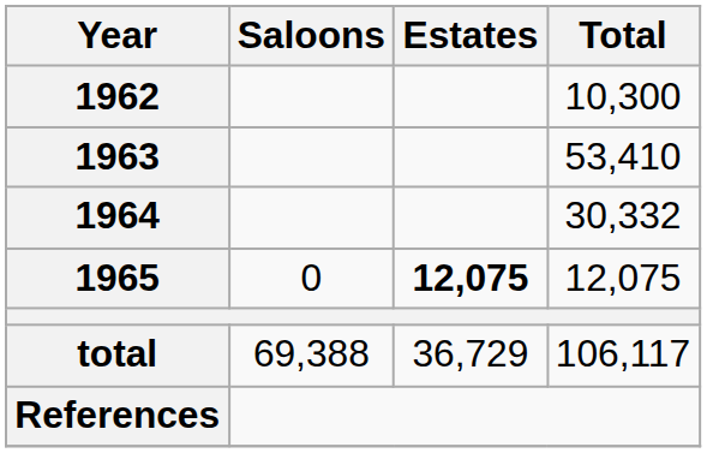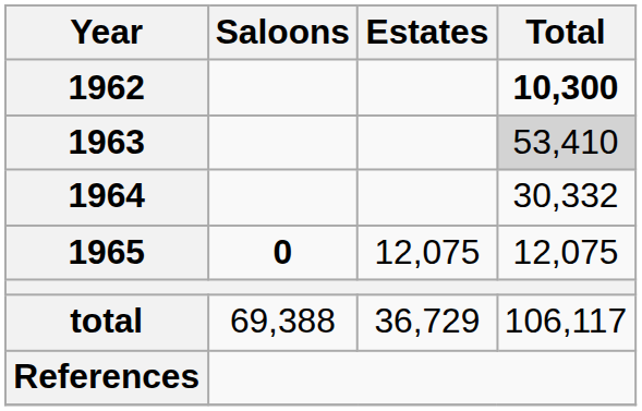 <table class="wikitable" style="text-align:center">
 <tr>
 <th>Year</th>
 <th>Saloons</th>
 <th>Estates</th>
 <th>Total</th>
 </tr>
 <tr>
 <th>1962</th>
 <td></td>
 <td></td>
-<td>10,300</td>
+<td><strong>10,300</strong></td>
 </tr>
 <tr>
 <th>1963</th>
 <td></td>
 <td></td>
-<td>53,410</td>
+<td style="background: lightgrey;">53,410</td>
 </tr>
 <tr>
 <th>1964</th>
 <td></td>
 <td></td>
 <td>30,332</td>
 </tr>
 <tr>
 <th>1965</th>
-<td>0</td>
-<td><strong>12,075</strong></td>
+<td><strong>0</strong></td>
+<td>12,075</td>
 <td>12,075</td>
 </tr>
 <tr>
 <th colspan="4"></th>
 </tr>
 <tr>
 <th>total</th>
 <td>69,388</td>
 <td>36,729</td>
 <td>106,117</td>
 </tr>
 <tr>
 <th>References</th>
 <td colspan="3"></td>
 </tr>
 <tr>
 </tr>
 </table>
